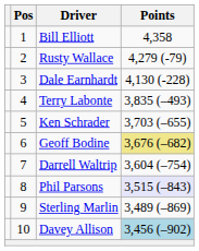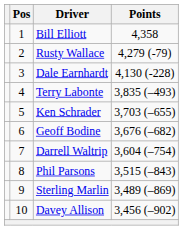 <table class="wikitable" style="font-size: 95%;">
 <tr>
 <th></th>
 <th>Pos</th>
 <th>Driver</th>
 <th>Points</th>
 </tr>
 <tr>
 <td align="left"></td>
 <td style="text-align:center;">1</td>
 <td><a href='#'>Bill Elliott</a></td>
 <td style="text-align:center;">4,358</td>
 </tr>
 <tr>
 <td align="left"></td>
 <td style="text-align:center;">2</td>
 <td><a href='#'>Rusty Wallace</a></td>
 <td style="text-align:center;">4,279 (-79)</td>
 </tr>
 <tr>
 <td align="left"></td>
 <td style="text-align:center;">3</td>
 <td><a href='#'>Dale Earnhardt</a></td>
 <td style="text-align:center;">4,130 (-228)</td>
 </tr>
 <tr>
 <td align="left"></td>
 <td style="text-align:center;">4</td>
 <td><a href='#'>Terry Labonte</a></td>
 <td style="text-align:center;">3,835 (–493)</td>
 </tr>
 <tr>
 <td align="left"></td>
 <td style="text-align:center;">5</td>
 <td><a href='#'>Ken Schrader</a></td>
 <td style="text-align:center;">3,703 (–655)</td>
 </tr>
 <tr>
 <td align="left"></td>
 <td style="text-align:center;">6</td>
 <td><a href='#'>Geoff Bodine</a></td>
-<td style="background: khaki; text-align:center;">3,676 (–682)</td>
+<td style="text-align:center;">3,676 (–682)</td>
 </tr>
 <tr>
 <td align="left"></td>
 <td style="text-align:center;">7</td>
 <td><a href='#'>Darrell Waltrip</a></td>
 <td style="text-align:center;">3,604 (–754)</td>
 </tr>
 <tr>
 <td align="left"></td>
 <td style="text-align:center;">8</td>
 <td><a href='#'>Phil Parsons</a></td>
-<td style="background: lavender; text-align:center;">3,515 (–843)</td>
+<td style="text-align:center;">3,515 (–843)</td>
 </tr>
 <tr>
 <td align="left"></td>
 <td style="text-align:center;">9</td>
 <td><a href='#'>Sterling Marlin</a></td>
 <td style="text-align:center;">3,489 (–869)</td>
 </tr>
 <tr>
 <td align="left"></td>
 <td style="text-align:center;">10</td>
 <td><a href='#'>Davey Allison</a></td>
-<td style="background: lightblue; text-align:center;">3,456 (–902)</td>
+<td style="text-align:center;">3,456 (–902)</td>
 </tr>
 <tr class="sortbottom">
 <th colspan="9"></th>
 </tr>
 </table>
